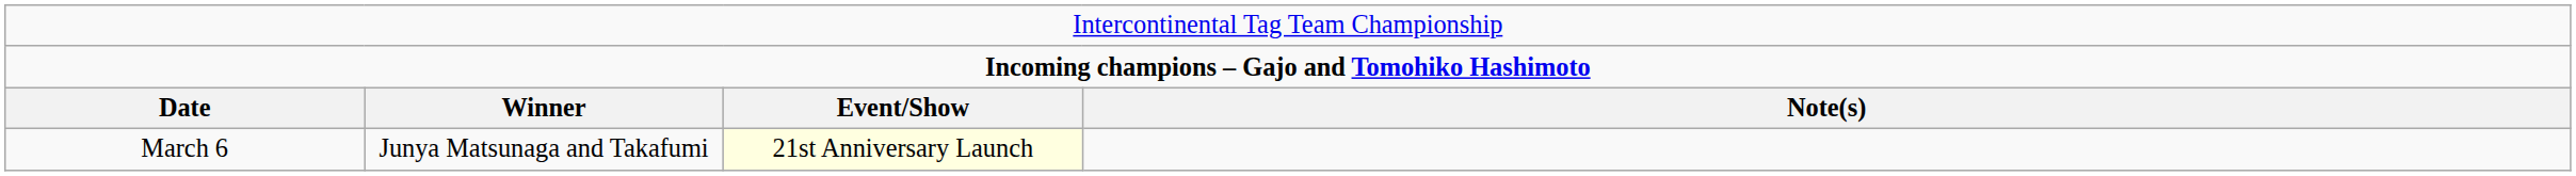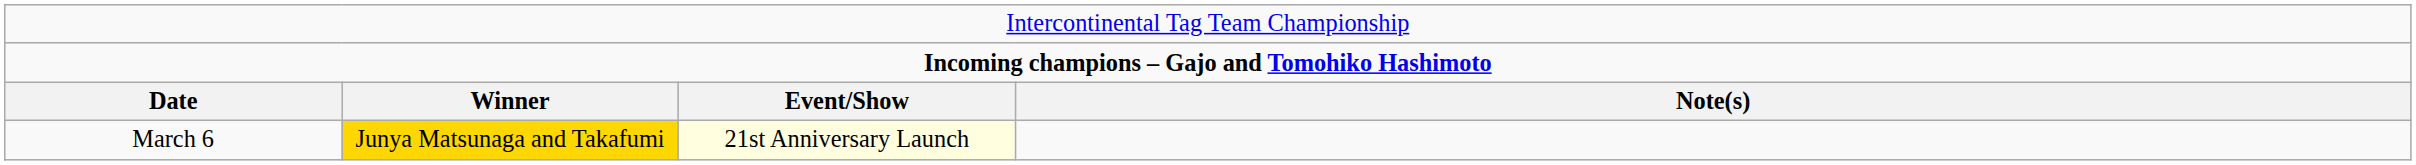 <table class="wikitable" style="text-align:center; width:100%;">
 <tr>
 <td colspan="4" style="text-align: center;"><a href='#'>Intercontinental Tag Team Championship</a></td>
 </tr>
 <tr>
 <td colspan="4" style="text-align: center;"><strong>Incoming champions – Gajo and <a href='#'>Tomohiko Hashimoto</a></strong></td>
 </tr>
 <tr>
 <th width=14%>Date</th>
 <th width=14%>Winner</th>
 <th width=14%>Event/Show</th>
 <th width=58%>Note(s)</th>
 </tr>
 <tr>
 <td>March 6</td>
-<td>Junya Matsunaga and Takafumi</td>
+<td style="background: gold;">Junya Matsunaga and Takafumi</td>
 <td style="background: lightyellow;">21st Anniversary Launch</td>
 <td></td>
 </tr>
 </table>
